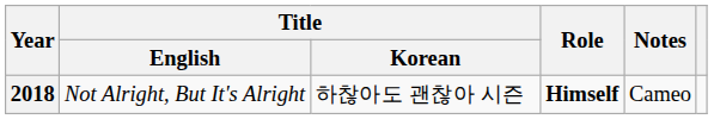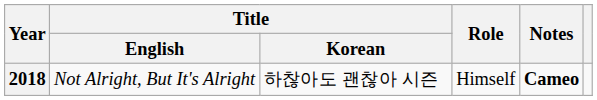 <table class="wikitable plainrowheaders">
 <tr>
 <th scope="col" rowspan="2">Year</th>
 <th scope="col" colspan="2">Title</th>
 <th scope="col" rowspan="2">Role</th>
 <th scope="col" rowspan="2">Notes</th>
 <th scope="col" rowspan="2"></th>
 </tr>
 <tr>
 <th scope="col">English</th>
 <th scope="col" style="width:10em;">Korean</th>
 </tr>
 <tr>
 <th scope="row">2018</th>
 <td><em>Not Alright, But It's Alright</em></td>
 <td>하찮아도 괜찮아 시즌</td>
-<td><strong>Himself</strong></td>
-<td>Cameo</td>
+<td>Himself</td>
+<td><strong>Cameo</strong></td>
 <td style="text-align:center;"></td>
 </tr>
 </table>
